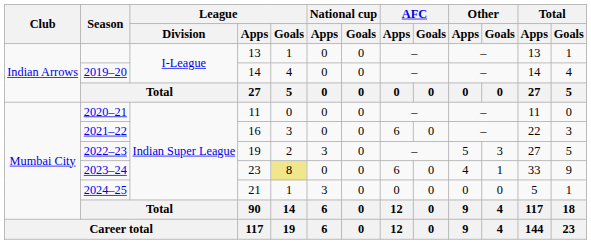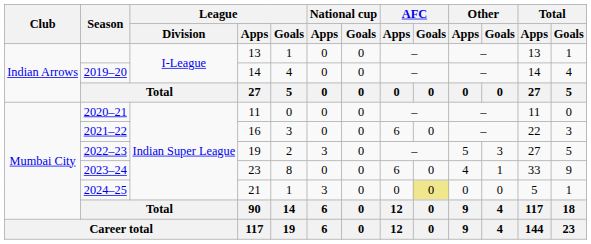 <table class="wikitable" style="text-align: center">
 <tr>
 <th rowspan="2">Club</th>
 <th rowspan="2">Season</th>
 <th colspan="3">League</th>
 <th colspan="2">National cup</th>
 <th colspan="2"><a href='#'>AFC</a></th>
 <th colspan="2">Other</th>
 <th colspan="2">Total</th>
 </tr>
 <tr>
 <th>Division</th>
 <th>Apps</th>
 <th>Goals</th>
 <th>Apps</th>
 <th>Goals</th>
 <th>Apps</th>
 <th>Goals</th>
 <th>Apps</th>
 <th>Goals</th>
 <th>Apps</th>
 <th>Goals</th>
 </tr>
 <tr>
 <td rowspan="3"><a href='#'>Indian Arrows</a></td>
 <td></td>
 <td rowspan="2"><a href='#'>I-League</a></td>
 <td>13</td>
 <td>1</td>
 <td>0</td>
 <td>0</td>
 <td colspan="2">–</td>
 <td colspan="2">–</td>
 <td>13</td>
 <td>1</td>
 </tr>
 <tr>
 <td><a href='#'>2019–20</a></td>
 <td>14</td>
 <td>4</td>
 <td>0</td>
 <td>0</td>
 <td colspan="2">–</td>
 <td colspan="2">–</td>
 <td>14</td>
 <td>4</td>
 </tr>
 <tr>
 <th colspan="2">Total</th>
 <th>27</th>
 <th>5</th>
 <th>0</th>
 <th>0</th>
 <th>0</th>
 <th>0</th>
 <th>0</th>
 <th>0</th>
 <th>27</th>
 <th>5</th>
 </tr>
 <tr>
 <td rowspan="6"><a href='#'>Mumbai City</a></td>
 <td><a href='#'>2020–21</a></td>
 <td rowspan="5"><a href='#'>Indian Super League</a></td>
 <td>11</td>
 <td>0</td>
 <td>0</td>
 <td>0</td>
 <td colspan="2">–</td>
 <td colspan="2">–</td>
 <td>11</td>
 <td>0</td>
 </tr>
 <tr>
 <td><a href='#'>2021–22</a></td>
 <td>16</td>
 <td>3</td>
 <td>0</td>
 <td>0</td>
 <td>6</td>
 <td>0</td>
 <td colspan="2">–</td>
 <td>22</td>
 <td>3</td>
 </tr>
 <tr>
 <td><a href='#'>2022–23</a></td>
 <td>19</td>
 <td>2</td>
 <td>3</td>
 <td>0</td>
 <td colspan="2">–</td>
 <td>5</td>
 <td>3</td>
 <td>27</td>
 <td>5</td>
 </tr>
 <tr>
 <td><a href='#'>2023–24</a></td>
 <td>23</td>
-<td style="background: khaki;">8</td>
+<td>8</td>
 <td>0</td>
 <td>0</td>
 <td>6</td>
 <td>0</td>
 <td>4</td>
 <td>1</td>
 <td>33</td>
 <td>9</td>
 </tr>
 <tr>
 <td><a href='#'>2024–25</a></td>
 <td>21</td>
 <td>1</td>
 <td>3</td>
 <td>0</td>
 <td>0</td>
-<td>0</td>
+<td style="background: khaki;">0</td>
 <td>0</td>
 <td>0</td>
 <td>5</td>
 <td>1</td>
 </tr>
 <tr>
 <th colspan="2">Total</th>
 <th>90</th>
 <th>14</th>
 <th>6</th>
 <th>0</th>
 <th>12</th>
 <th>0</th>
 <th>9</th>
 <th>4</th>
 <th>117</th>
 <th>18</th>
 </tr>
 <tr>
 <th colspan="3">Career total</th>
 <th>117</th>
 <th>19</th>
 <th>6</th>
 <th>0</th>
 <th>12</th>
 <th>0</th>
 <th>9</th>
 <th>4</th>
 <th>144</th>
 <th>23</th>
 </tr>
 </table>
